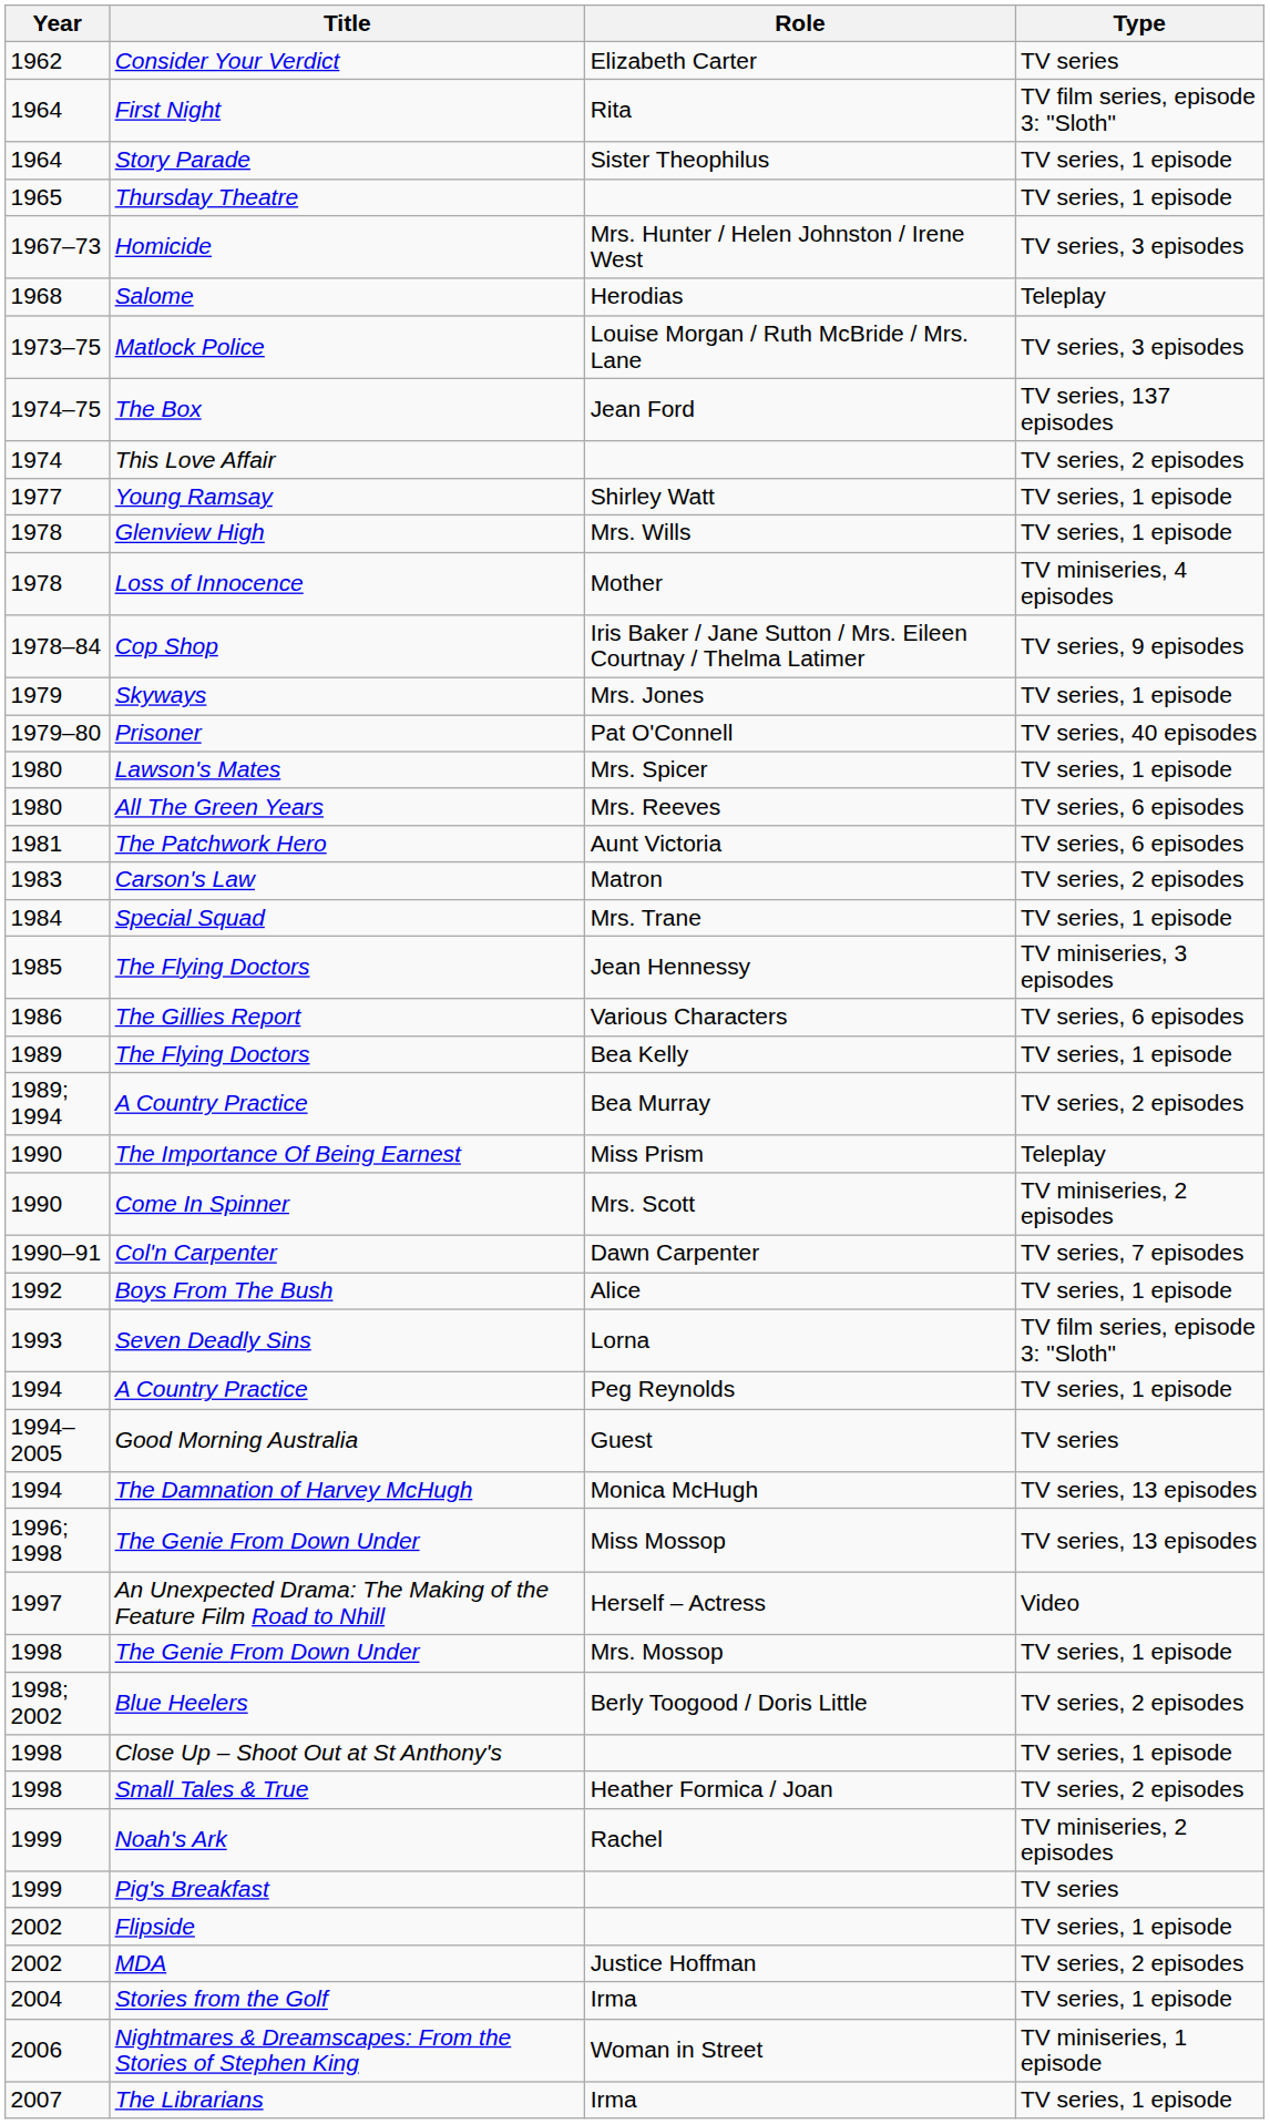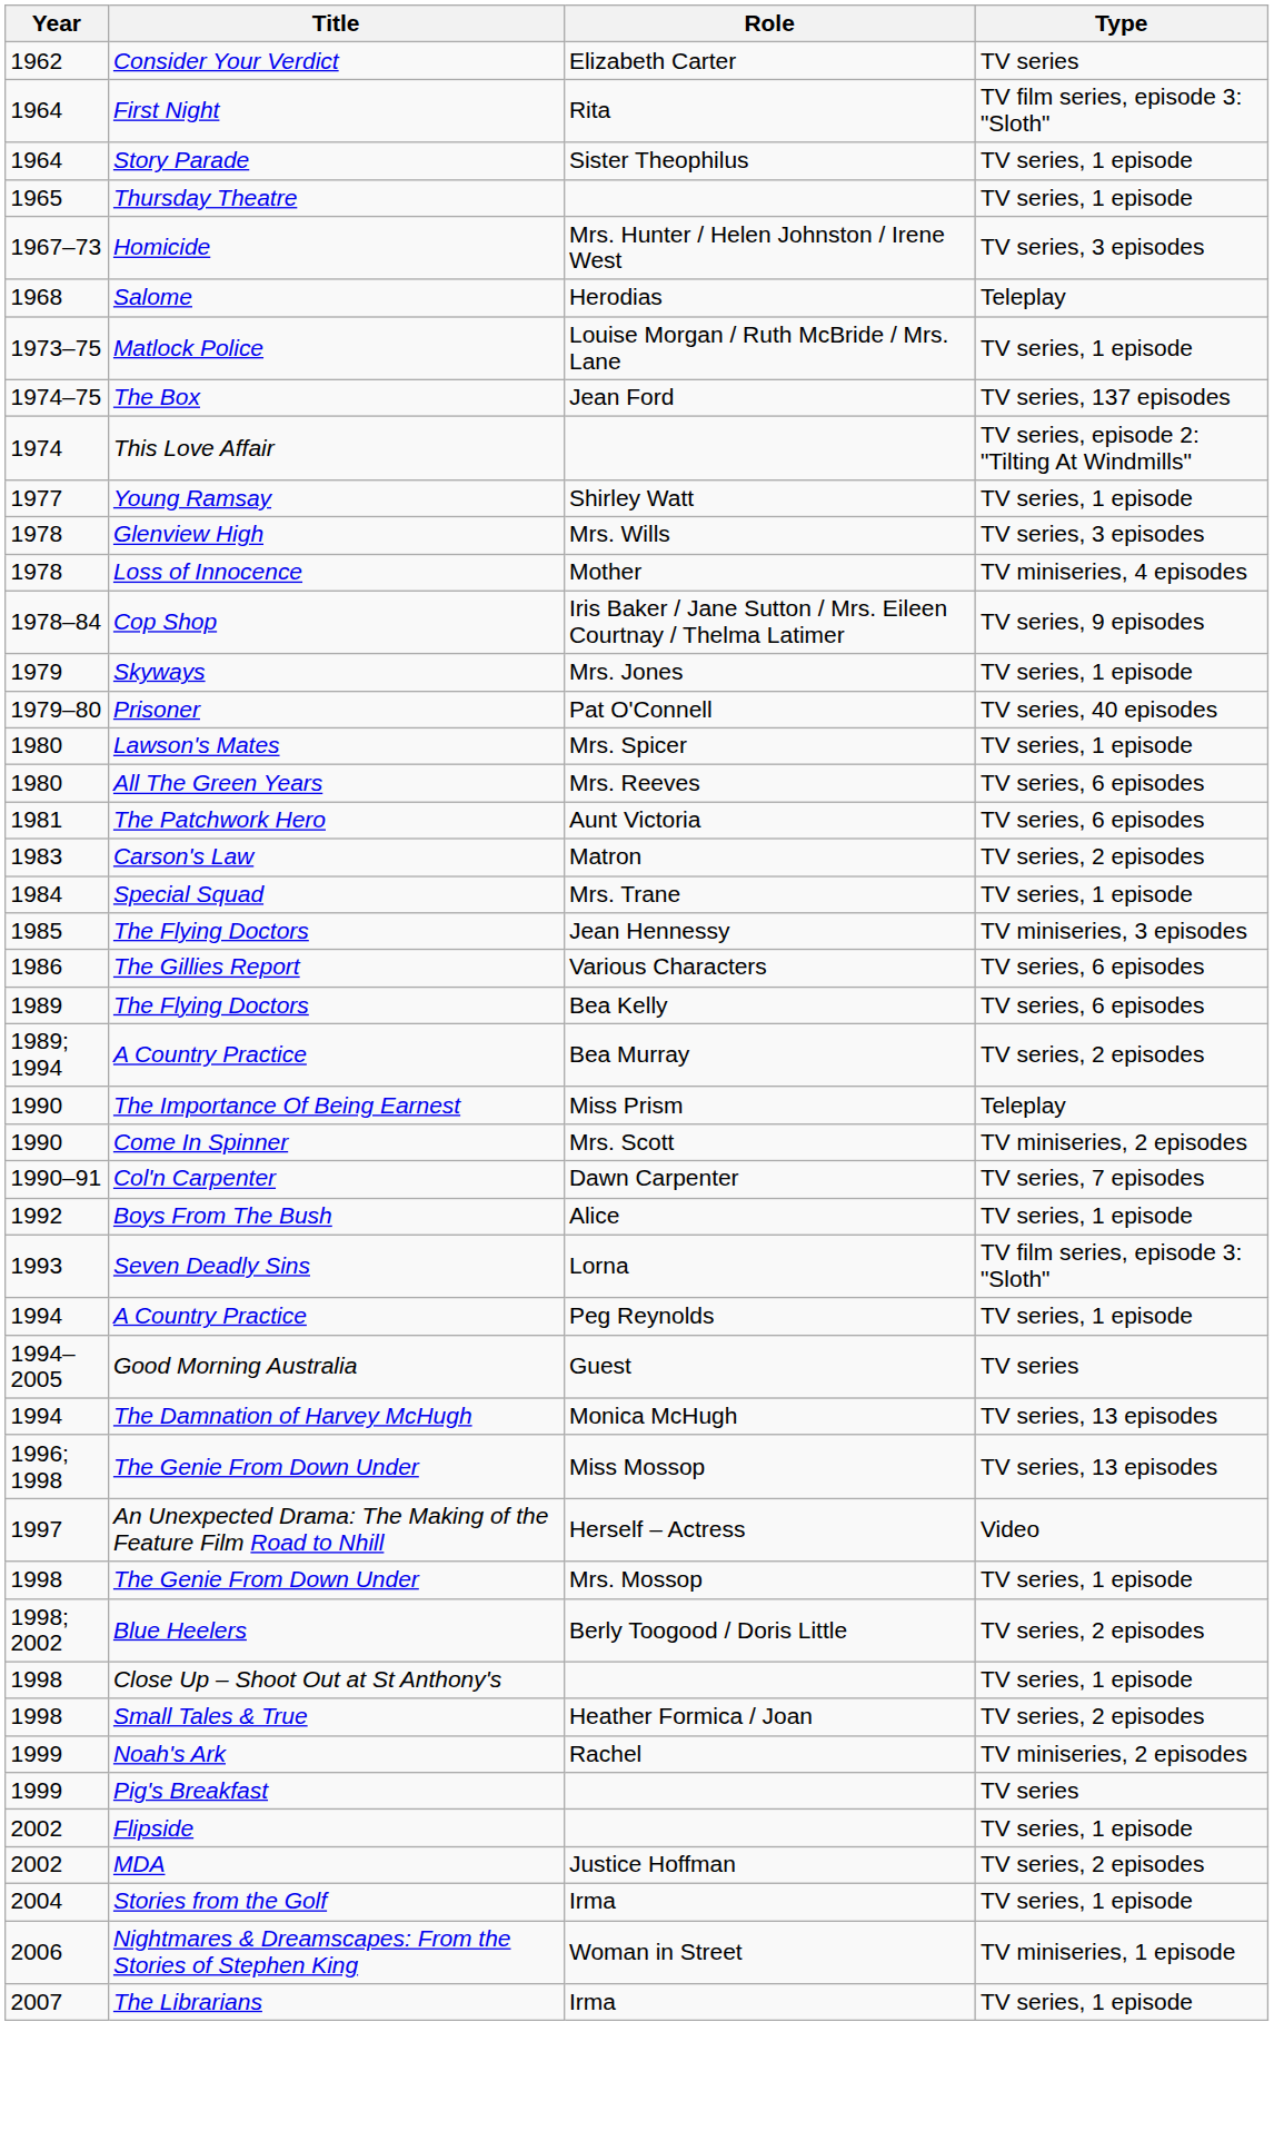 <table class="wikitable">
 <tr>
 <th>Year</th>
 <th>Title</th>
 <th>Role</th>
 <th>Type</th>
 </tr>
 <tr>
 <td>1962</td>
 <td><em><a href='#'>Consider Your Verdict</a></em></td>
 <td>Elizabeth Carter</td>
 <td>TV series</td>
 </tr>
 <tr>
 <td>1964</td>
 <td><em><a href='#'>First Night</a></em></td>
 <td>Rita</td>
 <td>TV film series, episode 3: "Sloth"</td>
 </tr>
 <tr>
 <td>1964</td>
 <td><em><a href='#'>Story Parade</a></em></td>
 <td>Sister Theophilus</td>
 <td>TV series, 1 episode</td>
 </tr>
 <tr>
 <td>1965</td>
 <td><em><a href='#'>Thursday Theatre</a></em></td>
 <td></td>
 <td>TV series, 1 episode</td>
 </tr>
 <tr>
 <td>1967–73</td>
 <td><em><a href='#'>Homicide</a></em></td>
 <td>Mrs. Hunter / Helen Johnston / Irene West</td>
 <td>TV series, 3 episodes</td>
 </tr>
 <tr>
 <td>1968</td>
 <td><em><a href='#'>Salome</a></em></td>
 <td>Herodias</td>
 <td>Teleplay</td>
 </tr>
 <tr>
 <td>1973–75</td>
 <td><em><a href='#'>Matlock Police</a></em></td>
 <td>Louise Morgan / Ruth McBride / Mrs. Lane</td>
-<td>TV series, 3 episodes</td>
+<td>TV series, 1 episode</td>
 </tr>
 <tr>
 <td>1974–75</td>
 <td><em><a href='#'>The Box</a></em></td>
 <td>Jean Ford</td>
 <td>TV series, 137 episodes</td>
 </tr>
 <tr>
 <td>1974</td>
 <td><em>This Love Affair</em></td>
 <td></td>
-<td>TV series, 2 episodes</td>
+<td>TV series, episode 2: "Tilting At Windmills"</td>
 </tr>
 <tr>
 <td>1977</td>
 <td><em><a href='#'>Young Ramsay</a></em></td>
 <td>Shirley Watt</td>
 <td>TV series, 1 episode</td>
 </tr>
 <tr>
 <td>1978</td>
 <td><em><a href='#'>Glenview High</a></em></td>
 <td>Mrs. Wills</td>
-<td>TV series, 1 episode</td>
+<td>TV series, 3 episodes</td>
 </tr>
 <tr>
 <td>1978</td>
 <td><em><a href='#'>Loss of Innocence</a></em></td>
 <td>Mother</td>
 <td>TV miniseries, 4 episodes</td>
 </tr>
 <tr>
 <td>1978–84</td>
 <td><em><a href='#'>Cop Shop</a></em></td>
 <td>Iris Baker / Jane Sutton / Mrs. Eileen Courtnay / Thelma Latimer</td>
 <td>TV series, 9 episodes</td>
 </tr>
 <tr>
 <td>1979</td>
 <td><em><a href='#'>Skyways</a></em></td>
 <td>Mrs. Jones</td>
 <td>TV series, 1 episode</td>
 </tr>
 <tr>
 <td>1979–80</td>
 <td><em><a href='#'>Prisoner</a></em></td>
 <td>Pat O'Connell</td>
 <td>TV series, 40 episodes</td>
 </tr>
 <tr>
 <td>1980</td>
 <td><em><a href='#'>Lawson's Mates</a></em></td>
 <td>Mrs. Spicer</td>
 <td>TV series, 1 episode</td>
 </tr>
 <tr>
 <td>1980</td>
 <td><em><a href='#'>All The Green Years</a></em></td>
 <td>Mrs. Reeves</td>
 <td>TV series, 6 episodes</td>
 </tr>
 <tr>
 <td>1981</td>
 <td><em><a href='#'>The Patchwork Hero</a></em></td>
 <td>Aunt Victoria</td>
 <td>TV series, 6 episodes</td>
 </tr>
 <tr>
 <td>1983</td>
 <td><em><a href='#'>Carson's Law</a></em></td>
 <td>Matron</td>
 <td>TV series, 2 episodes</td>
 </tr>
 <tr>
 <td>1984</td>
 <td><em><a href='#'>Special Squad</a></em></td>
 <td>Mrs. Trane</td>
 <td>TV series, 1 episode</td>
 </tr>
 <tr>
 <td>1985</td>
 <td><em><a href='#'>The Flying Doctors</a></em></td>
 <td>Jean Hennessy</td>
 <td>TV miniseries, 3 episodes</td>
 </tr>
 <tr>
 <td>1986</td>
 <td><em><a href='#'>The Gillies Report</a></em></td>
 <td>Various Characters</td>
 <td>TV series, 6 episodes</td>
 </tr>
 <tr>
 <td>1989</td>
 <td><em><a href='#'>The Flying Doctors</a></em></td>
 <td>Bea Kelly</td>
-<td>TV series, 1 episode</td>
+<td>TV series, 6 episodes</td>
 </tr>
 <tr>
 <td>1989; 1994</td>
 <td><em><a href='#'>A Country Practice</a></em></td>
 <td>Bea Murray</td>
 <td>TV series, 2 episodes</td>
 </tr>
 <tr>
 <td>1990</td>
 <td><em><a href='#'>The Importance Of Being Earnest</a></em></td>
 <td>Miss Prism</td>
 <td>Teleplay</td>
 </tr>
 <tr>
 <td>1990</td>
 <td><em><a href='#'>Come In Spinner</a></em></td>
 <td>Mrs. Scott</td>
 <td>TV miniseries, 2 episodes</td>
 </tr>
 <tr>
 <td>1990–91</td>
 <td><em><a href='#'>Col'n Carpenter</a></em></td>
 <td>Dawn Carpenter</td>
 <td>TV series, 7 episodes</td>
 </tr>
 <tr>
 <td>1992</td>
 <td><em><a href='#'>Boys From The Bush</a></em></td>
 <td>Alice</td>
 <td>TV series, 1 episode</td>
 </tr>
 <tr>
 <td>1993</td>
 <td><em><a href='#'>Seven Deadly Sins</a></em></td>
 <td>Lorna</td>
 <td>TV film series, episode 3: "Sloth"</td>
 </tr>
 <tr>
 <td>1994</td>
 <td><em><a href='#'>A Country Practice</a></em></td>
 <td>Peg Reynolds</td>
 <td>TV series, 1 episode</td>
 </tr>
 <tr>
 <td>1994–2005</td>
 <td><em>Good Morning Australia</em></td>
 <td>Guest</td>
 <td>TV series</td>
 </tr>
 <tr>
 <td>1994</td>
 <td><em><a href='#'>The Damnation of Harvey McHugh</a></em></td>
 <td>Monica McHugh</td>
 <td>TV series, 13 episodes</td>
 </tr>
 <tr>
 <td>1996; 1998</td>
 <td><em><a href='#'>The Genie From Down Under</a></em></td>
 <td>Miss Mossop</td>
 <td>TV series, 13 episodes</td>
 </tr>
 <tr>
 <td>1997</td>
 <td><em>An Unexpected Drama: The Making of the Feature Film <a href='#'>Road to Nhill</a></em></td>
 <td>Herself – Actress</td>
 <td>Video</td>
 </tr>
 <tr>
 <td>1998</td>
 <td><em><a href='#'>The Genie From Down Under</a></em></td>
 <td>Mrs. Mossop</td>
 <td>TV series, 1 episode</td>
 </tr>
 <tr>
 <td>1998; 2002</td>
 <td><em><a href='#'>Blue Heelers</a></em></td>
 <td>Berly Toogood / Doris Little</td>
 <td>TV series, 2 episodes</td>
 </tr>
 <tr>
 <td>1998</td>
 <td><em>Close Up – Shoot Out at St Anthony's</em></td>
 <td></td>
 <td>TV series, 1 episode</td>
 </tr>
 <tr>
 <td>1998</td>
 <td><em><a href='#'>Small Tales & True</a></em></td>
 <td>Heather Formica / Joan</td>
 <td>TV series, 2 episodes</td>
 </tr>
 <tr>
 <td>1999</td>
 <td><em><a href='#'>Noah's Ark</a></em></td>
 <td>Rachel</td>
 <td>TV miniseries, 2 episodes</td>
 </tr>
 <tr>
 <td>1999</td>
 <td><em><a href='#'>Pig's Breakfast</a></em></td>
 <td></td>
 <td>TV series</td>
 </tr>
 <tr>
 <td>2002</td>
 <td><em><a href='#'>Flipside</a></em></td>
 <td></td>
 <td>TV series, 1 episode</td>
 </tr>
 <tr>
 <td>2002</td>
 <td><em><a href='#'>MDA</a></em></td>
 <td>Justice Hoffman</td>
 <td>TV series, 2 episodes</td>
 </tr>
 <tr>
 <td>2004</td>
 <td><em><a href='#'>Stories from the Golf</a></em></td>
 <td>Irma</td>
 <td>TV series, 1 episode</td>
 </tr>
 <tr>
 <td>2006</td>
 <td><em><a href='#'>Nightmares & Dreamscapes: From the Stories of Stephen King</a></em></td>
 <td>Woman in Street</td>
 <td>TV miniseries, 1 episode</td>
 </tr>
 <tr>
 <td>2007</td>
 <td><em><a href='#'>The Librarians</a></em></td>
 <td>Irma</td>
 <td>TV series, 1 episode</td>
 </tr>
 </table>
